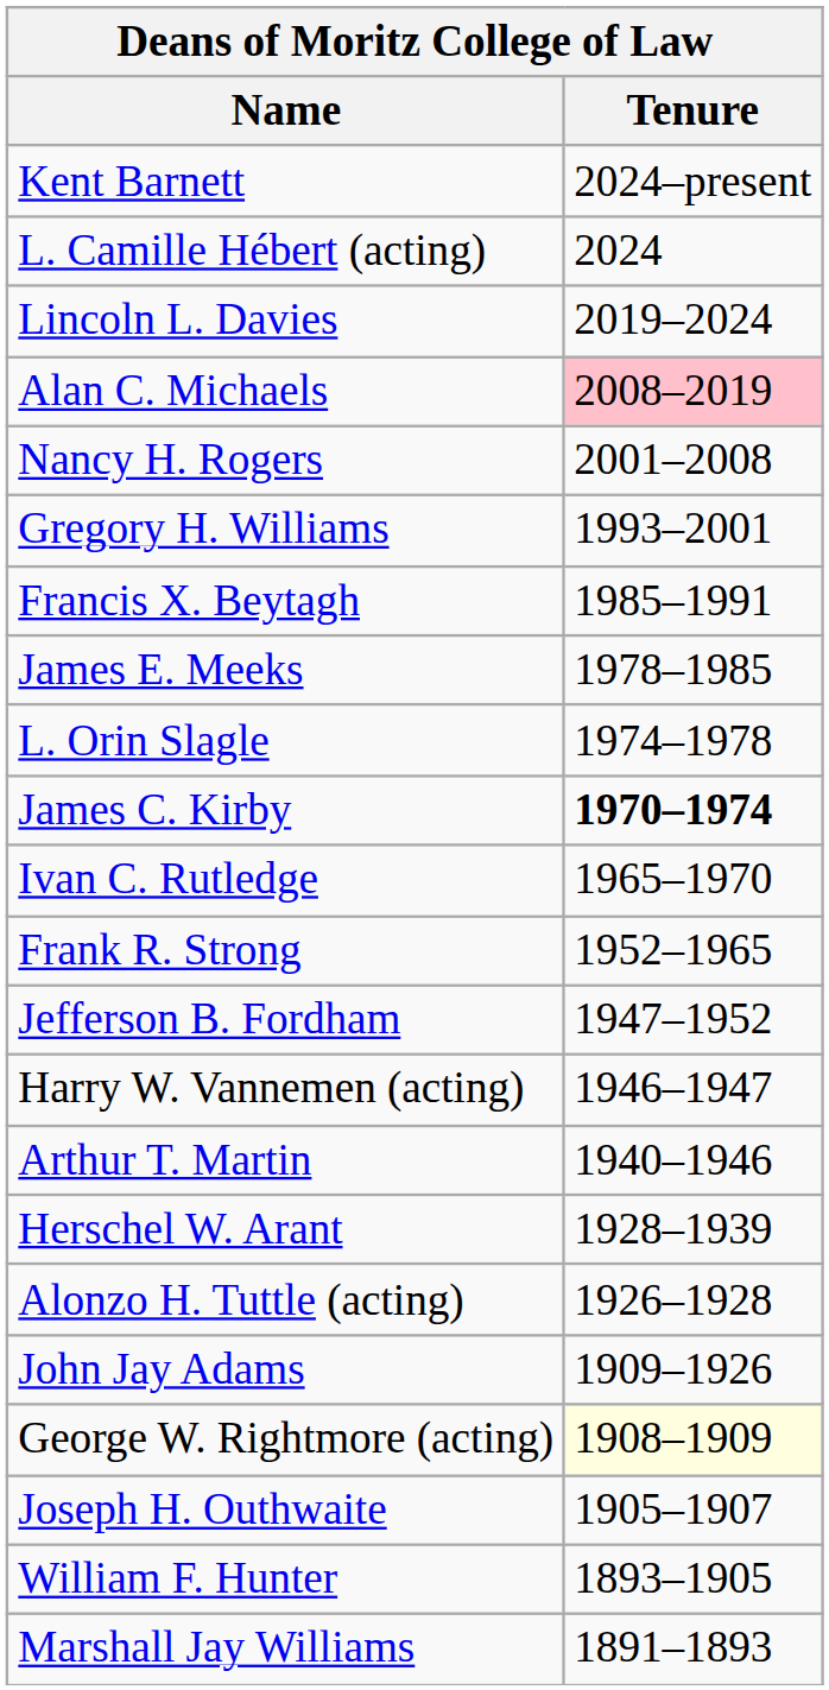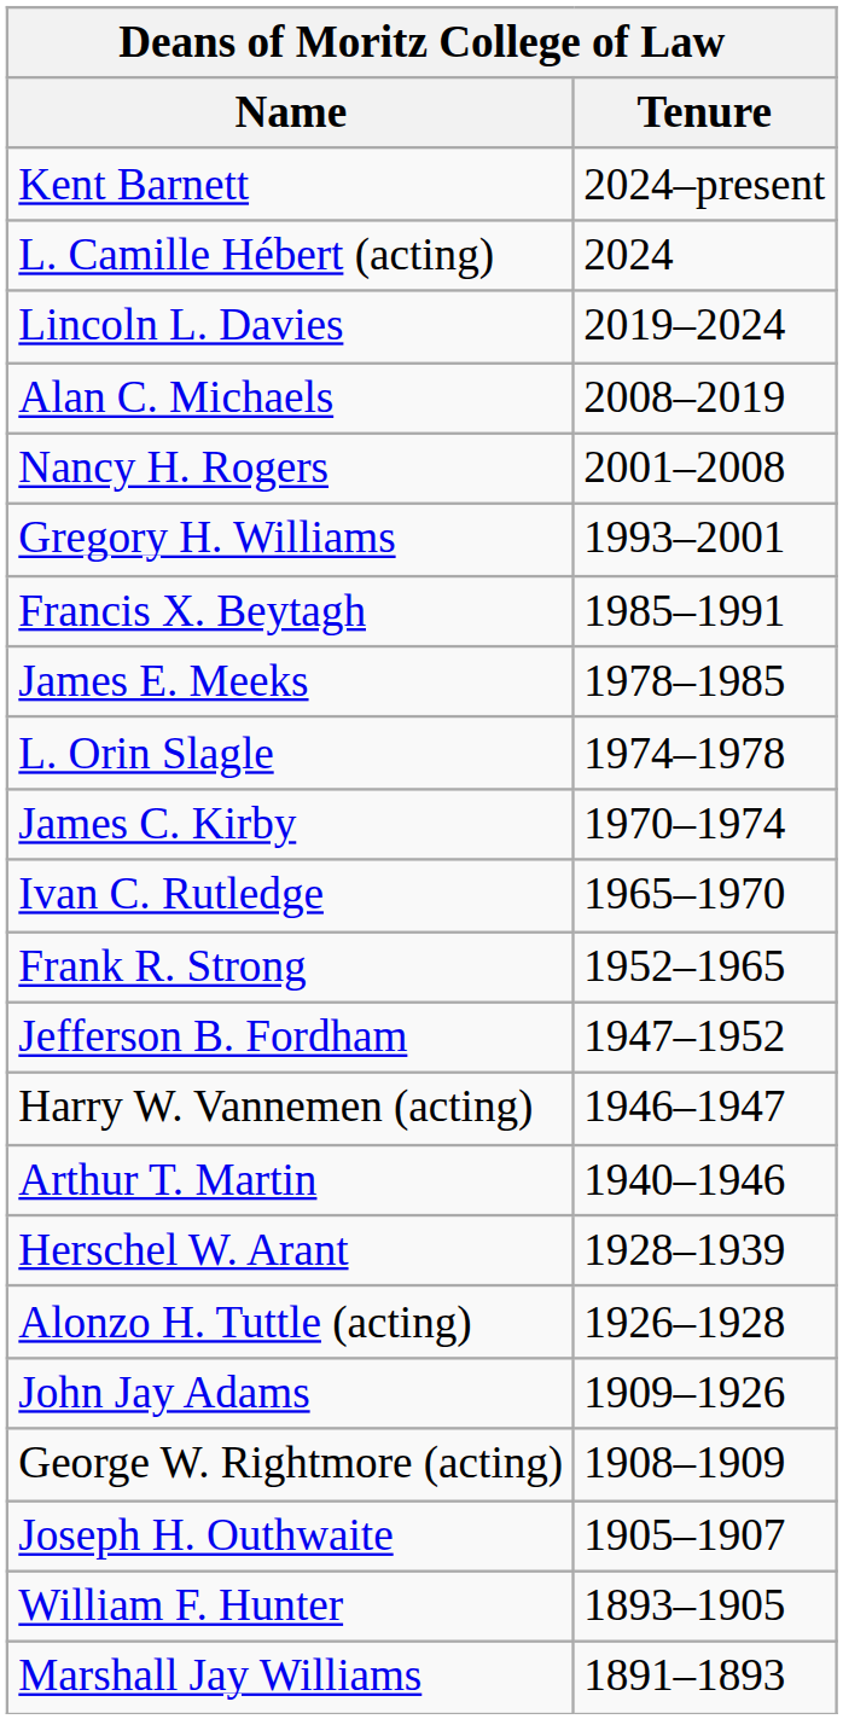 <table class="wikitable collapsible autocollapse" style="margin-right:16pt;margin-top:2pt;float:right;">
 <tr>
 <th colspan=3>Deans of Moritz College of Law</th>
 </tr>
 <tr>
 <th><strong>Name</strong></th>
 <th><strong>Tenure</strong></th>
 </tr>
 <tr>
 <td><a href='#'>Kent Barnett</a></td>
 <td>2024–present</td>
 </tr>
 <tr>
 <td><a href='#'>L. Camille Hébert</a> (acting)</td>
 <td>2024</td>
 </tr>
 <tr>
 <td><a href='#'>Lincoln L. Davies</a></td>
 <td>2019–2024</td>
 </tr>
 <tr>
 <td><a href='#'>Alan C. Michaels</a></td>
-<td style="background: pink;">2008–2019</td>
+<td>2008–2019</td>
 </tr>
 <tr>
 <td><a href='#'>Nancy H. Rogers</a></td>
 <td>2001–2008</td>
 </tr>
 <tr>
 <td><a href='#'>Gregory H. Williams</a></td>
 <td>1993–2001</td>
 </tr>
 <tr>
 <td><a href='#'>Francis X. Beytagh</a></td>
 <td>1985–1991</td>
 </tr>
 <tr>
 <td><a href='#'>James E. Meeks</a></td>
 <td>1978–1985</td>
 </tr>
 <tr>
 <td><a href='#'>L. Orin Slagle</a></td>
 <td>1974–1978</td>
 </tr>
 <tr>
 <td><a href='#'>James C. Kirby</a></td>
-<td><strong>1970–1974</strong></td>
+<td>1970–1974</td>
 </tr>
 <tr>
 <td><a href='#'>Ivan C. Rutledge</a></td>
 <td>1965–1970</td>
 </tr>
 <tr>
 <td><a href='#'>Frank R. Strong</a></td>
 <td>1952–1965</td>
 </tr>
 <tr>
 <td><a href='#'>Jefferson B. Fordham</a></td>
 <td>1947–1952</td>
 </tr>
 <tr>
 <td>Harry W. Vannemen (acting)</td>
 <td>1946–1947</td>
 </tr>
 <tr>
 <td><a href='#'>Arthur T. Martin</a></td>
 <td>1940–1946</td>
 </tr>
 <tr>
 <td><a href='#'>Herschel W. Arant</a></td>
 <td>1928–1939</td>
 </tr>
 <tr>
 <td><a href='#'>Alonzo H. Tuttle</a> (acting)</td>
 <td>1926–1928</td>
 </tr>
 <tr>
 <td><a href='#'>John Jay Adams</a></td>
 <td>1909–1926</td>
 </tr>
 <tr>
 <td>George W. Rightmore (acting)</td>
-<td style="background: lightyellow;">1908–1909</td>
+<td>1908–1909</td>
 </tr>
 <tr>
 <td><a href='#'>Joseph H. Outhwaite</a></td>
 <td>1905–1907</td>
 </tr>
 <tr>
 <td><a href='#'>William F. Hunter</a></td>
 <td>1893–1905</td>
 </tr>
 <tr>
 <td><a href='#'>Marshall Jay Williams</a></td>
 <td>1891–1893</td>
 </tr>
 </table>
